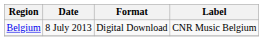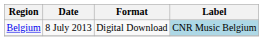 <table class=wikitable>
 <tr>
 <th>Region</th>
 <th>Date</th>
 <th>Format</th>
 <th>Label</th>
 </tr>
 <tr>
 <td><a href='#'>Belgium</a></td>
 <td>8 July 2013</td>
 <td>Digital Download</td>
-<td>CNR Music Belgium</td>
+<td style="background: lightblue;">CNR Music Belgium</td>
 </tr>
 <tr>
 </tr>
 </table>
